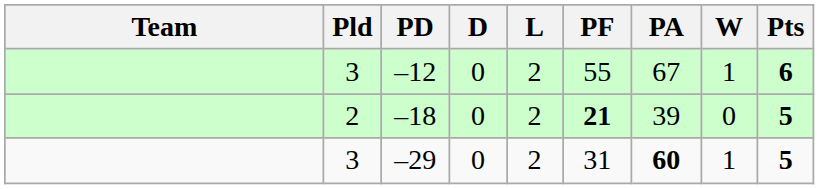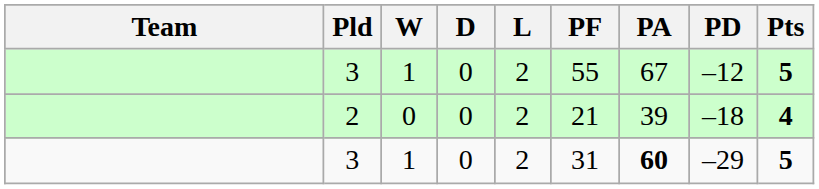 <table class="wikitable" style="text-align:center;">
 <tr>
 <th width=175>Team</th>
 <th width=25 abbr="Played">Pld</th>
-<th width=32 abbr="Points difference">PD</th>
+<th width=25 abbr="Won">W</th>
 <th width=25 abbr="Drawn">D</th>
 <th width=25 abbr="Lost">L</th>
 <th width=32 abbr="Points for">PF</th>
 <th width=32 abbr="Points against">PA</th>
-<th width=25 abbr="Won">W</th>
+<th width=32 abbr="Points difference">PD</th>
 <th width=25 abbr="Points">Pts</th>
 </tr>
 <tr bgcolor=ccffcc>
 <td align=left></td>
 <td>3</td>
-<td>–12</td>
+<td>1</td>
 <td>0</td>
 <td>2</td>
 <td>55</td>
 <td>67</td>
-<td>1</td>
-<td><strong>6</strong></td>
+<td>–12</td>
+<td><strong>5</strong></td>
 </tr>
 <tr bgcolor=ccffcc>
 <td align=left></td>
 <td>2</td>
-<td>–18</td>
+<td>0</td>
 <td>0</td>
 <td>2</td>
-<td><strong>21</strong></td>
+<td>21</td>
 <td>39</td>
-<td>0</td>
-<td><strong>5</strong></td>
+<td>–18</td>
+<td><strong>4</strong></td>
 </tr>
 <tr>
 <td align=left></td>
 <td>3</td>
-<td>–29</td>
+<td>1</td>
 <td>0</td>
 <td>2</td>
 <td>31</td>
 <td><strong>60</strong></td>
-<td>1</td>
+<td>–29</td>
 <td><strong>5</strong></td>
 </tr>
 </table>
